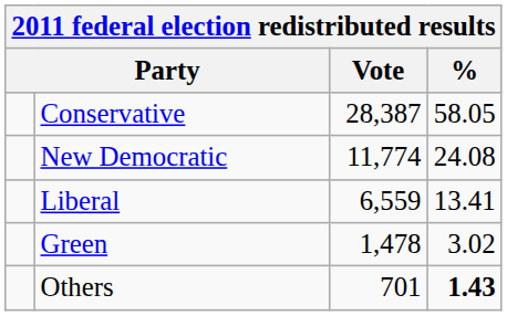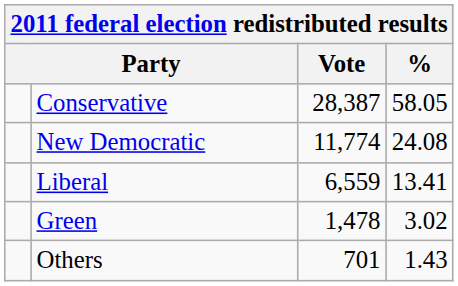 <table class="wikitable">
 <tr>
 <th colspan="4"><a href='#'>2011 federal election</a> redistributed results</th>
 </tr>
 <tr>
 <th bgcolor="#DDDDFF" width="130px" colspan="2">Party</th>
 <th bgcolor="#DDDDFF" width="50px">Vote</th>
 <th bgcolor="#DDDDFF" width="30px">%</th>
 </tr>
 <tr>
 <td> </td>
 <td><a href='#'>Conservative</a></td>
 <td align=right>28,387</td>
 <td align=right>58.05</td>
 </tr>
 <tr>
 <td> </td>
 <td><a href='#'>New Democratic</a></td>
 <td align=right>11,774</td>
 <td align=right>24.08</td>
 </tr>
 <tr>
 <td> </td>
 <td><a href='#'>Liberal</a></td>
 <td align=right>6,559</td>
 <td align=right>13.41</td>
 </tr>
 <tr>
 <td> </td>
 <td><a href='#'>Green</a></td>
 <td align=right>1,478</td>
 <td align=right>3.02</td>
 </tr>
 <tr>
 <td> </td>
 <td>Others</td>
 <td align=right>701</td>
-<td align=right><strong>1.43</strong></td>
+<td align=right>1.43</td>
 </tr>
 </table>
